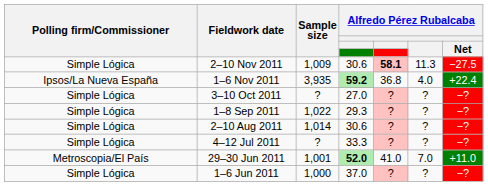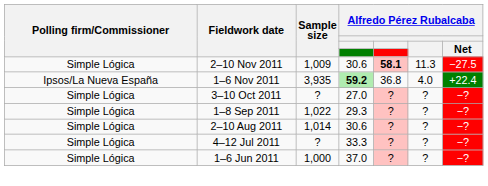 <table class="wikitable collapsible collapsed" style="text-align:center; font-size:90%; line-height:14px;">
 <tr style="height:42px;">
 <th style="width:250px;" rowspan="4">Polling firm/Commissioner</th>
 <th style="width:125px;" rowspan="4">Fieldwork date</th>
 <th style="width:50px;" rowspan="4">Sample size</th>
 <th style="width:185px;" colspan="4"><a href='#'>Alfredo Pérez Rubalcaba</a><br></th>
 </tr>
 <tr>
 <th colspan="4" style="background:"></th>
 </tr>
 <tr>
 <th style="width:30px;"></th>
 <th style="width:30px;"></th>
 <th style="width:30px;" rowspan="2"></th>
 <th style="width:30px;" rowspan="2">Net</th>
 </tr>
 <tr>
 <th style="color:inherit;background:#008000;"></th>
 <th style="color:inherit;background:#FF0000;"></th>
 </tr>
 <tr>
 <td>Simple Lógica</td>
 <td>2–10 Nov 2011</td>
 <td>1,009</td>
 <td>30.6</td>
 <td style="background:#FFC2C1;"><strong>58.1</strong></td>
 <td>11.3</td>
 <td style="background:#FF0000; color:white;">−27.5</td>
 </tr>
 <tr>
 <td>Ipsos/La Nueva España</td>
 <td>1–6 Nov 2011</td>
 <td>3,935</td>
 <td style="background:#B0ECB0;"><strong>59.2</strong></td>
 <td>36.8</td>
 <td>4.0</td>
 <td style="background:#008000; color:white;">+22.4</td>
 </tr>
 <tr>
 <td>Simple Lógica</td>
 <td>3–10 Oct 2011</td>
 <td>?</td>
 <td>27.0</td>
 <td style="background:#FFC2C1;">?</td>
 <td>?</td>
 <td style="background:#FF0000; color:white;">−?</td>
 </tr>
 <tr>
 <td>Simple Lógica</td>
 <td>1–8 Sep 2011</td>
 <td>1,022</td>
 <td>29.3</td>
 <td style="background:#FFC2C1;">?</td>
 <td>?</td>
 <td style="background:#FF0000; color:white;">−?</td>
 </tr>
 <tr>
 <td>Simple Lógica</td>
 <td>2–10 Aug 2011</td>
 <td>1,014</td>
 <td>30.6</td>
 <td style="background:#FFC2C1;">?</td>
 <td>?</td>
 <td style="background:#FF0000; color:white;">−?</td>
 </tr>
 <tr>
 <td>Simple Lógica</td>
 <td>4–12 Jul 2011</td>
 <td>?</td>
 <td>33.3</td>
 <td style="background:#FFC2C1;">?</td>
 <td>?</td>
 <td style="background:#FF0000; color:white;">−?</td>
 </tr>
 <tr>
-<td>Metroscopia/El País</td>
-<td>29–30 Jun 2011</td>
-<td>1,001</td>
-<td style="background:#B0ECB0;"><strong>52.0</strong></td>
-<td>41.0</td>
-<td>7.0</td>
-<td style="background:#008000; color:white;">+11.0</td>
-</tr>
-<tr>
 <td>Simple Lógica</td>
 <td>1–6 Jun 2011</td>
 <td>1,000</td>
 <td>37.0</td>
 <td style="background:#FFC2C1;">?</td>
 <td>?</td>
 <td style="background:#FF0000; color:white;">−?</td>
 </tr>
 </table>
